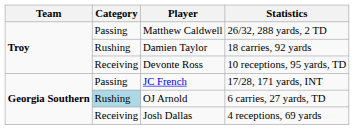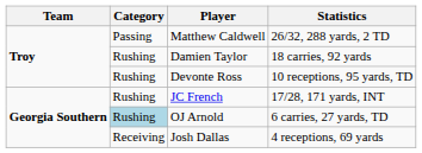 <table class="wikitable" style="float: right;">
 <tr>
 <th>Team</th>
 <th>Category</th>
 <th>Player</th>
 <th>Statistics</th>
 </tr>
 <tr>
 <td rowspan=3><strong>Troy</strong></td>
 <td>Passing</td>
 <td>Matthew Caldwell</td>
 <td>26/32, 288 yards, 2 TD</td>
 </tr>
 <tr>
 <td>Rushing</td>
 <td>Damien Taylor</td>
 <td>18 carries, 92 yards</td>
 </tr>
 <tr>
-<td>Receiving</td>
+<td>Rushing</td>
 <td>Devonte Ross</td>
 <td>10 receptions, 95 yards, TD</td>
 </tr>
 <tr>
 <td rowspan=3><strong>Georgia Southern</strong></td>
-<td>Passing</td>
+<td>Rushing</td>
 <td><a href='#'>JC French</a></td>
 <td>17/28, 171 yards, INT</td>
 </tr>
 <tr>
 <td style="background: lightblue;">Rushing</td>
 <td>OJ Arnold</td>
 <td>6 carries, 27 yards, TD</td>
 </tr>
 <tr>
 <td>Receiving</td>
 <td>Josh Dallas</td>
 <td>4 receptions, 69 yards</td>
 </tr>
 </table>
